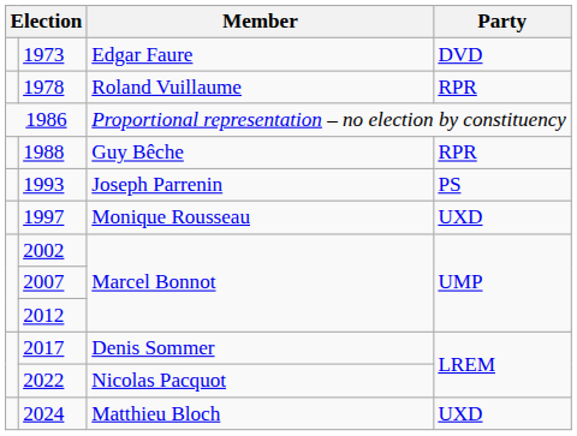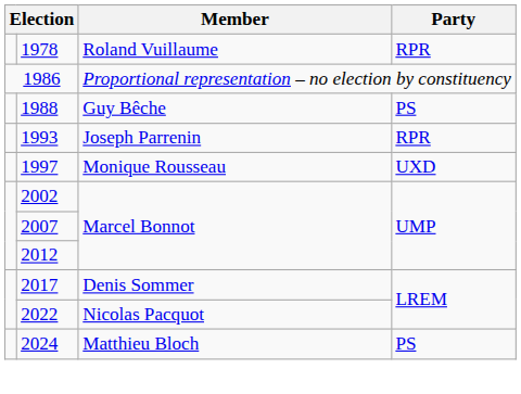 <table class="wikitable">
 <tr>
 <th colspan="2">Election</th>
 <th>Member</th>
 <th>Party</th>
-</tr>
-<tr>
-<td style="color:inherit;background-color: "></td>
-<td><a href='#'>1973</a></td>
-<td><a href='#'>Edgar Faure</a></td>
-<td><a href='#'>DVD</a></td>
 </tr>
 <tr>
 <td style="color:inherit;background-color: "></td>
 <td><a href='#'>1978</a></td>
 <td><a href='#'>Roland Vuillaume</a></td>
 <td><a href='#'>RPR</a></td>
 </tr>
 <tr>
 <td colspan="2" align="center"><a href='#'>1986</a></td>
 <td colspan="2"><em><a href='#'>Proportional representation</a> – no election by constituency</em></td>
 </tr>
 <tr>
 <td style="color:inherit;background-color: "></td>
 <td><a href='#'>1988</a></td>
 <td><a href='#'>Guy Bêche</a></td>
-<td><a href='#'>RPR</a></td>
+<td><a href='#'>PS</a></td>
 </tr>
 <tr>
 <td style="color:inherit;background-color: "></td>
 <td><a href='#'>1993</a></td>
 <td><a href='#'>Joseph Parrenin</a></td>
-<td><a href='#'>PS</a></td>
+<td><a href='#'>RPR</a></td>
 </tr>
 <tr>
 <td style="color:inherit;background-color: "></td>
 <td><a href='#'>1997</a></td>
 <td><a href='#'>Monique Rousseau</a></td>
 <td><a href='#'>UXD</a></td>
 </tr>
 <tr>
 <td rowspan="3" style="color:inherit;background-color: "></td>
 <td><a href='#'>2002</a></td>
 <td rowspan="3"><a href='#'>Marcel Bonnot</a></td>
 <td rowspan="3"><a href='#'>UMP</a></td>
 </tr>
 <tr>
 <td><a href='#'>2007</a></td>
 </tr>
 <tr>
 <td><a href='#'>2012</a></td>
 </tr>
 <tr>
 <td rowspan="2" style="color:inherit;background-color: "></td>
 <td><a href='#'>2017</a></td>
 <td><a href='#'>Denis Sommer</a></td>
 <td rowspan="2"><a href='#'>LREM</a></td>
 </tr>
 <tr>
 <td><a href='#'>2022</a></td>
 <td><a href='#'>Nicolas Pacquot</a></td>
 </tr>
 <tr>
 <td style="color:inherit;background-color: "></td>
 <td><a href='#'>2024</a></td>
 <td><a href='#'>Matthieu Bloch</a></td>
-<td><a href='#'>UXD</a></td>
+<td><a href='#'>PS</a></td>
 </tr>
 </table>
